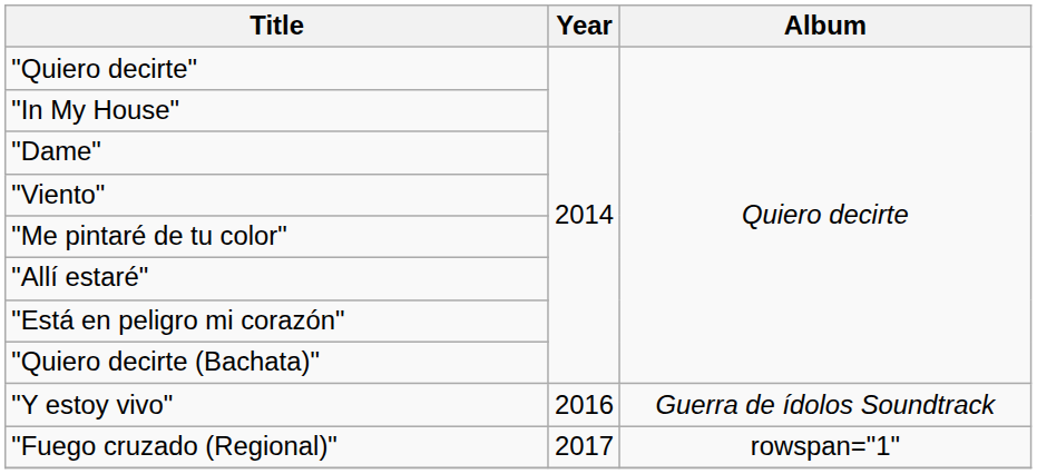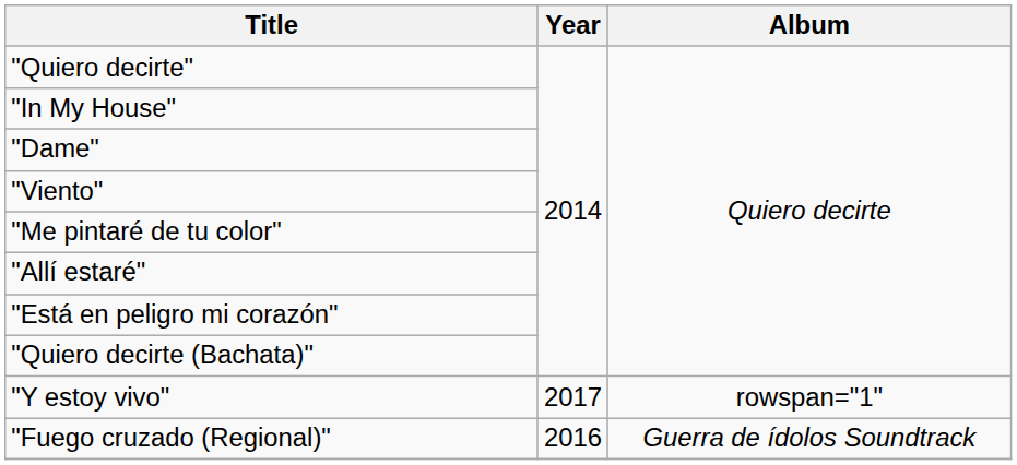 <table class="wikitable" style="text-align:center;" border="1">
 <tr>
 <th scope="col" rowspan="1" style="width:20em;">Title</th>
 <th scope="col" rowspan="1" style="width:2em;">Year</th>
 <th scope="col" rowspan="1" style="width:15em;">Album</th>
 </tr>
 <tr>
 <td align="left">"Quiero decirte"</td>
 <td rowspan="8">2014</td>
 <td rowspan="8"><em>Quiero decirte</em></td>
 </tr>
 <tr>
 <td align="left">"In My House"</td>
 </tr>
 <tr>
 <td align="left">"Dame"</td>
 </tr>
 <tr>
 <td align="left">"Viento"</td>
 </tr>
 <tr>
 <td align="left">"Me pintaré de tu color"</td>
 </tr>
 <tr>
 <td align="left">"Allí estaré" <br></td>
 </tr>
 <tr>
 <td align="left">"Está en peligro mi corazón"</td>
 </tr>
 <tr>
 <td align="left">"Quiero decirte (Bachata)"</td>
 </tr>
 <tr>
 <td align="left">"Y estoy vivo"<br></td>
+<td rowspan="1">2017</td>
+<td>rowspan="1"  </td>
+</tr>
+<tr>
+<td align="left">"Fuego cruzado (Regional)"</td>
 <td rowspan="1">2016</td>
 <td rowspan="1"><em>Guerra de ídolos Soundtrack</em></td>
 </tr>
 <tr>
-<td align="left">"Fuego cruzado (Regional)"</td>
-<td rowspan="1">2017</td>
-<td>rowspan="1"  </td>
-</tr>
-<tr>
 </tr>
 </table>
